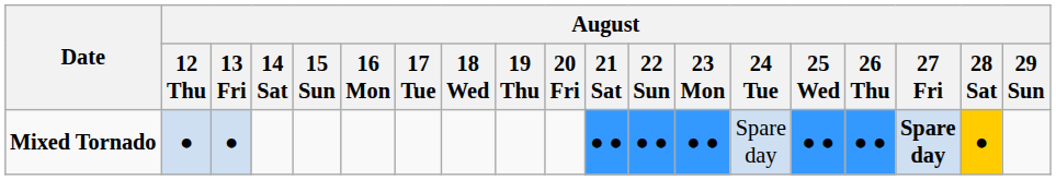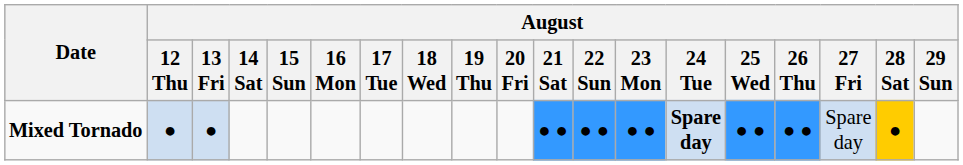 <table class="wikitable" style="margin:0.5em auto; font-size:90%; line-height:1.25em;">
 <tr>
 <th rowspan=2>Date</th>
 <th colspan=18>August</th>
 </tr>
 <tr>
 <th>12<br>Thu</th>
 <th>13<br>Fri</th>
 <th>14<br>Sat</th>
 <th>15<br>Sun</th>
 <th>16<br>Mon</th>
 <th>17<br>Tue</th>
 <th>18<br>Wed</th>
 <th>19<br>Thu</th>
 <th>20<br>Fri</th>
 <th>21<br>Sat</th>
 <th>22<br>Sun</th>
 <th>23<br>Mon</th>
 <th>24<br>Tue</th>
 <th>25<br>Wed</th>
 <th>26<br>Thu</th>
 <th>27<br>Fri</th>
 <th>28<br>Sat</th>
 <th>29<br>Sun</th>
 </tr>
 <tr align="center">
 <td align="center"><strong>Mixed Tornado</strong></td>
 <td bgcolor=#cedff2><span> ● </span></td>
 <td bgcolor=#cedff2><span> ● </span></td>
 <td></td>
 <td></td>
 <td></td>
 <td></td>
 <td></td>
 <td></td>
 <td></td>
 <td bgcolor=#3399ff><span> ● ● </span></td>
 <td bgcolor=#3399ff><span> ● ● </span></td>
 <td bgcolor=#3399ff><span> ● ● </span></td>
-<td bgcolor=#cedff2>Spare<br>day</td>
+<td bgcolor=#cedff2><strong>Spare<br>day</strong></td>
 <td bgcolor=#3399ff><span> ● ● </span></td>
 <td bgcolor=#3399ff><span> ● ● </span></td>
-<td bgcolor=#cedff2><strong>Spare<br>day</strong></td>
+<td bgcolor=#cedff2>Spare<br>day</td>
 <td bgcolor=#ffcc00><span> ● </span></td>
 <td></td>
 </tr>
 </table>
